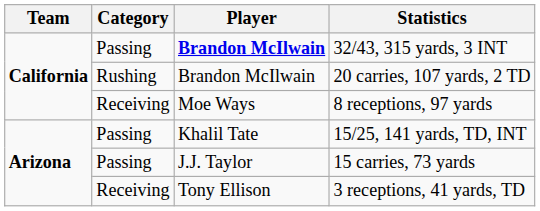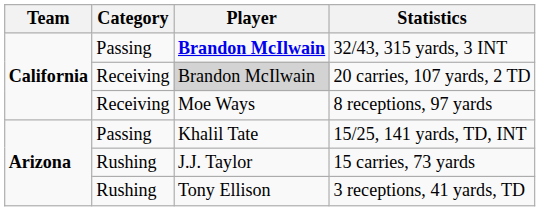 <table class="wikitable" style="float: right;">
 <tr>
 <th>Team</th>
 <th>Category</th>
 <th>Player</th>
 <th>Statistics</th>
 </tr>
 <tr>
 <td rowspan=3><strong>California</strong></td>
 <td>Passing</td>
 <td><strong><a href='#'>Brandon McIlwain</a></strong></td>
 <td>32/43, 315 yards, 3 INT</td>
 </tr>
 <tr>
-<td>Rushing</td>
-<td>Brandon McIlwain</td>
+<td>Receiving</td>
+<td style="background: lightgrey;">Brandon McIlwain</td>
 <td>20 carries, 107 yards, 2 TD</td>
 </tr>
 <tr>
 <td>Receiving</td>
 <td>Moe Ways</td>
 <td>8 receptions, 97 yards</td>
 </tr>
 <tr>
 <td rowspan=3><strong>Arizona</strong></td>
 <td>Passing</td>
 <td>Khalil Tate</td>
 <td>15/25, 141 yards, TD, INT</td>
 </tr>
 <tr>
-<td>Passing</td>
+<td>Rushing</td>
 <td>J.J. Taylor</td>
 <td>15 carries, 73 yards</td>
 </tr>
 <tr>
-<td>Receiving</td>
+<td>Rushing</td>
 <td>Tony Ellison</td>
 <td>3 receptions, 41 yards, TD</td>
 </tr>
 </table>
